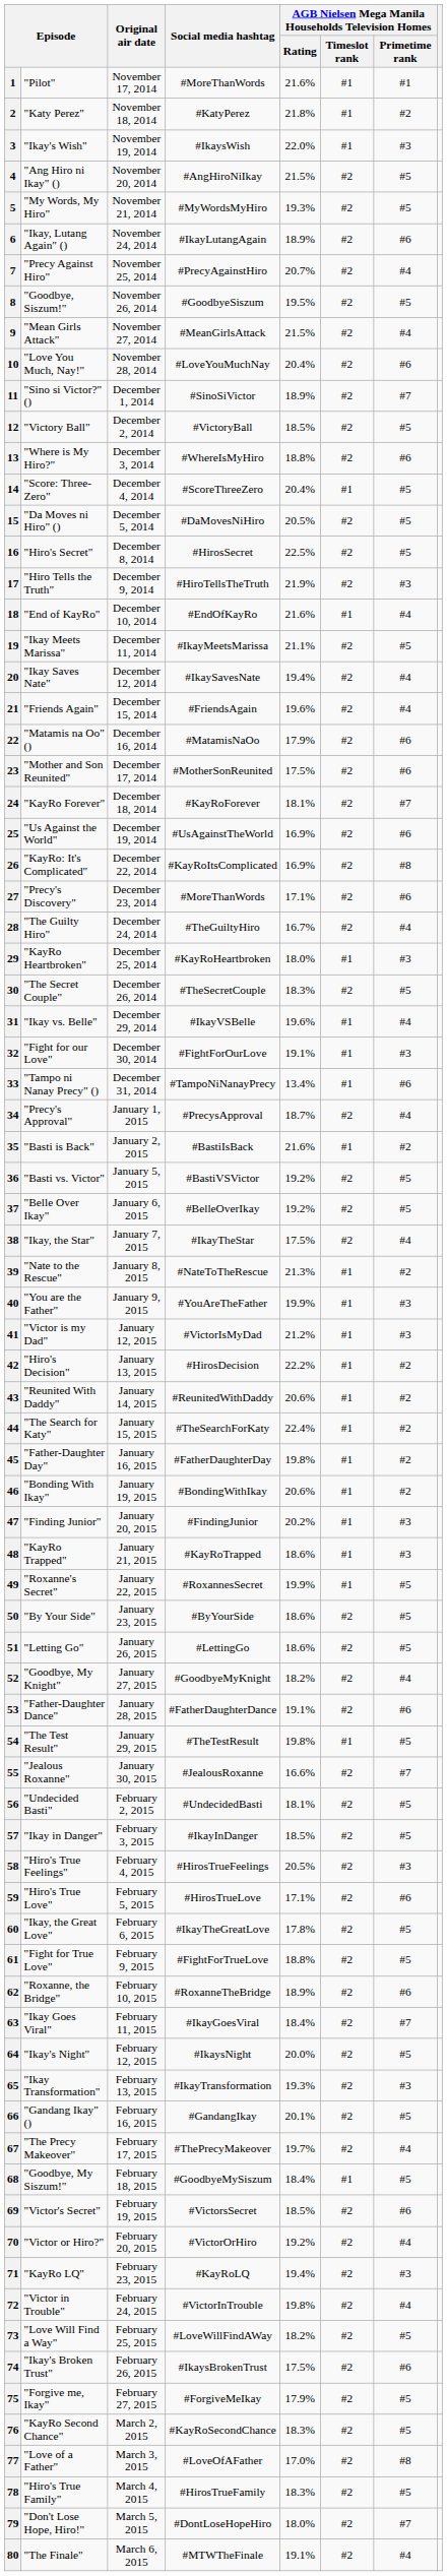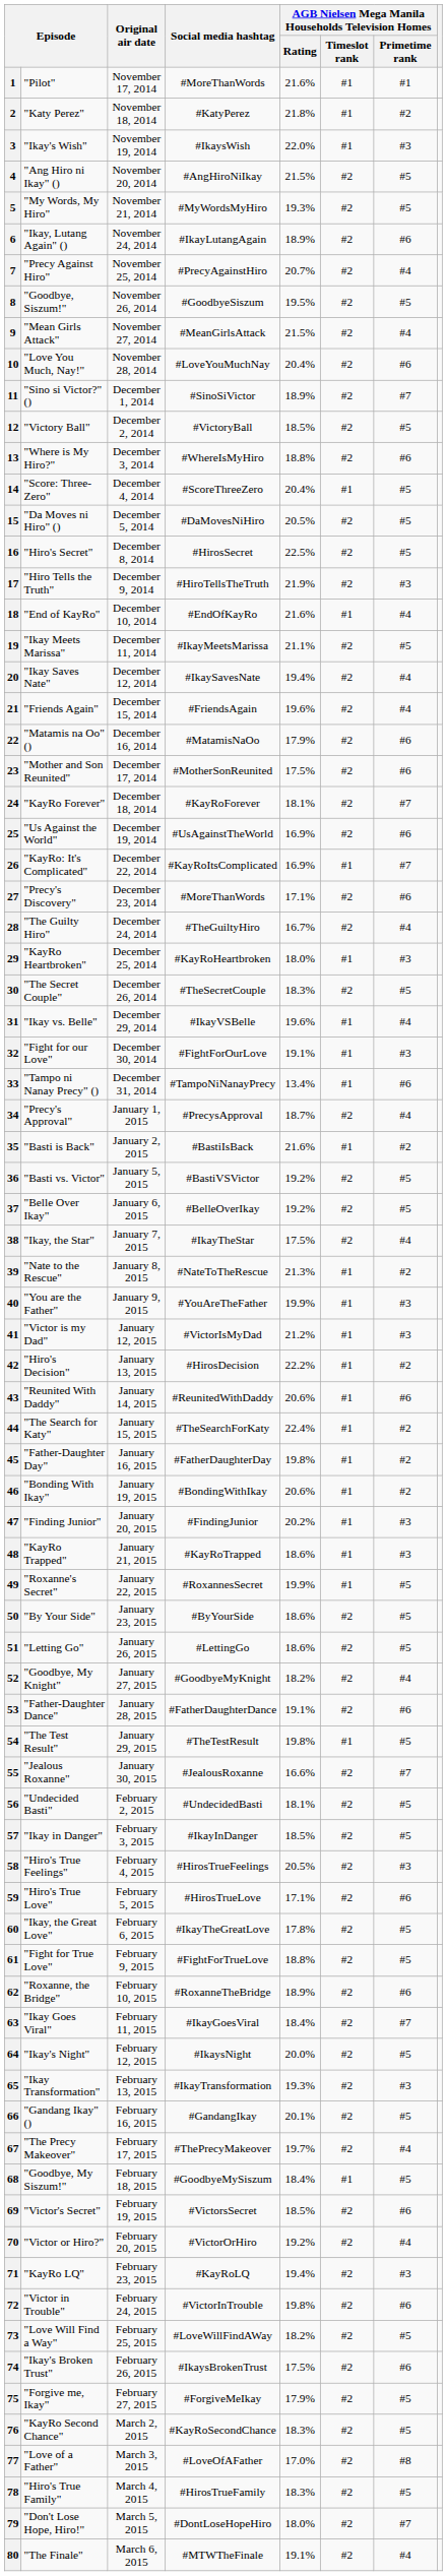 <table class="wikitable" style="text-align:center;">
 <tr>
 <th colspan=2 rowspan=2>Episode</th>
 <th rowspan=2>Original air date</th>
 <th rowspan=2>Social media hashtag</th>
 <th colspan=3><a href='#'>AGB Nielsen</a> Mega Manila Households Television Homes</th>
 <th rowspan=2></th>
 </tr>
 <tr>
 <th>Rating</th>
 <th>Timeslot rank</th>
 <th>Primetime rank</th>
 </tr>
 <tr>
 <th>1</th>
 <td style="text-align: left;">"Pilot"</td>
 <td>November 17, 2014</td>
 <td>#MoreThanWords</td>
 <td>21.6%</td>
 <td>#1</td>
 <td>#1</td>
 <td></td>
 </tr>
 <tr>
 <th>2</th>
 <td style="text-align: left;">"Katy Perez"</td>
 <td>November 18, 2014</td>
 <td>#KatyPerez</td>
 <td>21.8%</td>
 <td>#1</td>
 <td>#2</td>
 <td></td>
 </tr>
 <tr>
 <th>3</th>
 <td style="text-align: left;">"Ikay's Wish"</td>
 <td>November 19, 2014</td>
 <td>#IkaysWish</td>
 <td>22.0%</td>
 <td>#1</td>
 <td>#3</td>
 <td></td>
 </tr>
 <tr>
 <th>4</th>
 <td style="text-align: left;">"Ang Hiro ni Ikay" ()</td>
 <td>November 20, 2014</td>
 <td>#AngHiroNiIkay</td>
 <td>21.5%</td>
 <td>#2</td>
 <td>#5</td>
 <td></td>
 </tr>
 <tr>
 <th>5</th>
 <td style="text-align: left;">"My Words, My Hiro"</td>
 <td>November 21, 2014</td>
 <td>#MyWordsMyHiro</td>
 <td>19.3%</td>
 <td>#2</td>
 <td>#5</td>
 <td></td>
 </tr>
 <tr>
 <th>6</th>
 <td style="text-align: left;">"Ikay, Lutang Again" ()</td>
 <td>November 24, 2014</td>
 <td>#IkayLutangAgain</td>
 <td>18.9%</td>
 <td>#2</td>
 <td>#6</td>
 <td></td>
 </tr>
 <tr>
 <th>7</th>
 <td style="text-align: left;">"Precy Against Hiro"</td>
 <td>November 25, 2014</td>
 <td>#PrecyAgainstHiro</td>
 <td>20.7%</td>
 <td>#2</td>
 <td>#4</td>
 <td></td>
 </tr>
 <tr>
 <th>8</th>
 <td style="text-align: left;">"Goodbye, Siszum!"</td>
 <td>November 26, 2014</td>
 <td>#GoodbyeSiszum</td>
 <td>19.5%</td>
 <td>#2</td>
 <td>#5</td>
 <td></td>
 </tr>
 <tr>
 <th>9</th>
 <td style="text-align: left;">"Mean Girls Attack"</td>
 <td>November 27, 2014</td>
 <td>#MeanGirlsAttack</td>
 <td>21.5%</td>
 <td>#2</td>
 <td>#4</td>
 <td></td>
 </tr>
 <tr>
 <th>10</th>
 <td style="text-align: left;">"Love You Much, Nay!"</td>
 <td>November 28, 2014</td>
 <td>#LoveYouMuchNay</td>
 <td>20.4%</td>
 <td>#2</td>
 <td>#6</td>
 <td></td>
 </tr>
 <tr>
 <th>11</th>
 <td style="text-align: left;">"Sino si Victor?" ()</td>
 <td>December 1, 2014</td>
 <td>#SinoSiVictor</td>
 <td>18.9%</td>
 <td>#2</td>
 <td>#7</td>
 <td></td>
 </tr>
 <tr>
 <th>12</th>
 <td style="text-align: left;">"Victory Ball"</td>
 <td>December 2, 2014</td>
 <td>#VictoryBall</td>
 <td>18.5%</td>
 <td>#2</td>
 <td>#5</td>
 <td></td>
 </tr>
 <tr>
 <th>13</th>
 <td style="text-align: left;">"Where is My Hiro?"</td>
 <td>December 3, 2014</td>
 <td>#WhereIsMyHiro</td>
 <td>18.8%</td>
 <td>#2</td>
 <td>#6</td>
 <td></td>
 </tr>
 <tr>
 <th>14</th>
 <td style="text-align: left;">"Score: Three-Zero"</td>
 <td>December 4, 2014</td>
 <td>#ScoreThreeZero</td>
 <td>20.4%</td>
 <td>#1</td>
 <td>#5</td>
 <td></td>
 </tr>
 <tr>
 <th>15</th>
 <td style="text-align: left;">"Da Moves ni Hiro" ()</td>
 <td>December 5, 2014</td>
 <td>#DaMovesNiHiro</td>
 <td>20.5%</td>
 <td>#2</td>
 <td>#5</td>
 <td></td>
 </tr>
 <tr>
 <th>16</th>
 <td style="text-align: left;">"Hiro's Secret"</td>
 <td>December 8, 2014</td>
 <td>#HirosSecret</td>
 <td>22.5%</td>
 <td>#2</td>
 <td>#5</td>
 <td></td>
 </tr>
 <tr>
 <th>17</th>
 <td style="text-align: left;">"Hiro Tells the Truth"</td>
 <td>December 9, 2014</td>
 <td>#HiroTellsTheTruth</td>
 <td>21.9%</td>
 <td>#2</td>
 <td>#3</td>
 <td></td>
 </tr>
 <tr>
 <th>18</th>
 <td style="text-align: left;">"End of KayRo"</td>
 <td>December 10, 2014</td>
 <td>#EndOfKayRo</td>
 <td>21.6%</td>
 <td>#1</td>
 <td>#4</td>
 <td></td>
 </tr>
 <tr>
 <th>19</th>
 <td style="text-align: left;">"Ikay Meets Marissa"</td>
 <td>December 11, 2014</td>
 <td>#IkayMeetsMarissa</td>
 <td>21.1%</td>
 <td>#2</td>
 <td>#5</td>
 <td></td>
 </tr>
 <tr>
 <th>20</th>
 <td style="text-align: left;">"Ikay Saves Nate"</td>
 <td>December 12, 2014</td>
 <td>#IkaySavesNate</td>
 <td>19.4%</td>
 <td>#2</td>
 <td>#4</td>
 <td></td>
 </tr>
 <tr>
 <th>21</th>
 <td style="text-align: left;">"Friends Again"</td>
 <td>December 15, 2014</td>
 <td>#FriendsAgain</td>
 <td>19.6%</td>
 <td>#2</td>
 <td>#4</td>
 <td></td>
 </tr>
 <tr>
 <th>22</th>
 <td style="text-align: left;">"Matamis na Oo" ()</td>
 <td>December 16, 2014</td>
 <td>#MatamisNaOo</td>
 <td>17.9%</td>
 <td>#2</td>
 <td>#6</td>
 <td></td>
 </tr>
 <tr>
 <th>23</th>
 <td style="text-align: left;">"Mother and Son Reunited"</td>
 <td>December 17, 2014</td>
 <td>#MotherSonReunited</td>
 <td>17.5%</td>
 <td>#2</td>
 <td>#6</td>
 <td></td>
 </tr>
 <tr>
 <th>24</th>
 <td style="text-align: left;">"KayRo Forever"</td>
 <td>December 18, 2014</td>
 <td>#KayRoForever</td>
 <td>18.1%</td>
 <td>#2</td>
 <td>#7</td>
 <td></td>
 </tr>
 <tr>
 <th>25</th>
 <td style="text-align: left;">"Us Against the World"</td>
 <td>December 19, 2014</td>
 <td>#UsAgainstTheWorld</td>
 <td>16.9%</td>
 <td>#2</td>
 <td>#6</td>
 <td></td>
 </tr>
 <tr>
 <th>26</th>
 <td style="text-align: left;">"KayRo: It's Complicated"</td>
 <td>December 22, 2014</td>
 <td>#KayRoItsComplicated</td>
 <td>16.9%</td>
-<td>#2</td>
-<td>#8</td>
+<td>#1</td>
+<td>#7</td>
 <td></td>
 </tr>
 <tr>
 <th>27</th>
 <td style="text-align: left;">"Precy's Discovery"</td>
 <td>December 23, 2014</td>
 <td>#MoreThanWords</td>
 <td>17.1%</td>
 <td>#2</td>
 <td>#6</td>
 <td></td>
 </tr>
 <tr>
 <th>28</th>
 <td style="text-align: left;">"The Guilty Hiro"</td>
 <td>December 24, 2014</td>
 <td>#TheGuiltyHiro</td>
 <td>16.7%</td>
 <td>#2</td>
 <td>#4</td>
 <td></td>
 </tr>
 <tr>
 <th>29</th>
 <td style="text-align: left;">"KayRo Heartbroken"</td>
 <td>December 25, 2014</td>
 <td>#KayRoHeartbroken</td>
 <td>18.0%</td>
 <td>#1</td>
 <td>#3</td>
 <td></td>
 </tr>
 <tr>
 <th>30</th>
 <td style="text-align: left;">"The Secret Couple"</td>
 <td>December 26, 2014</td>
 <td>#TheSecretCouple</td>
 <td>18.3%</td>
 <td>#2</td>
 <td>#5</td>
 <td></td>
 </tr>
 <tr>
 <th>31</th>
 <td style="text-align: left;">"Ikay vs. Belle"</td>
 <td>December 29, 2014</td>
 <td>#IkayVSBelle</td>
 <td>19.6%</td>
 <td>#1</td>
 <td>#4</td>
 <td></td>
 </tr>
 <tr>
 <th>32</th>
 <td style="text-align: left;">"Fight for our Love"</td>
 <td>December 30, 2014</td>
 <td>#FightForOurLove</td>
 <td>19.1%</td>
 <td>#1</td>
 <td>#3</td>
 <td></td>
 </tr>
 <tr>
 <th>33</th>
 <td style="text-align: left;">"Tampo ni Nanay Precy" ()</td>
 <td>December 31, 2014</td>
 <td>#TampoNiNanayPrecy</td>
 <td>13.4%</td>
 <td>#1</td>
 <td>#6</td>
 <td></td>
 </tr>
 <tr>
 <th>34</th>
 <td style="text-align: left;">"Precy's Approval"</td>
 <td>January 1, 2015</td>
 <td>#PrecysApproval</td>
 <td>18.7%</td>
 <td>#2</td>
 <td>#4</td>
 <td></td>
 </tr>
 <tr>
 <th>35</th>
 <td style="text-align: left;">"Basti is Back"</td>
 <td>January 2, 2015</td>
 <td>#BastiIsBack</td>
 <td>21.6%</td>
 <td>#1</td>
 <td>#2</td>
 <td></td>
 </tr>
 <tr>
 <th>36</th>
 <td style="text-align: left;">"Basti vs. Victor"</td>
 <td>January 5, 2015</td>
 <td>#BastiVSVictor</td>
 <td>19.2%</td>
 <td>#2</td>
 <td>#5</td>
 <td></td>
 </tr>
 <tr>
 <th>37</th>
 <td style="text-align: left;">"Belle Over Ikay"</td>
 <td>January 6, 2015</td>
 <td>#BelleOverIkay</td>
 <td>19.2%</td>
 <td>#2</td>
 <td>#5</td>
 <td></td>
 </tr>
 <tr>
 <th>38</th>
 <td style="text-align: left;">"Ikay, the Star"</td>
 <td>January 7, 2015</td>
 <td>#IkayTheStar</td>
 <td>17.5%</td>
 <td>#2</td>
 <td>#4</td>
 <td></td>
 </tr>
 <tr>
 <th>39</th>
 <td style="text-align: left;">"Nate to the Rescue"</td>
 <td>January 8, 2015</td>
 <td>#NateToTheRescue</td>
 <td>21.3%</td>
 <td>#1</td>
 <td>#2</td>
 <td></td>
 </tr>
 <tr>
 <th>40</th>
 <td style="text-align: left;">"You are the Father"</td>
 <td>January 9, 2015</td>
 <td>#YouAreTheFather</td>
 <td>19.9%</td>
 <td>#1</td>
 <td>#3</td>
 <td></td>
 </tr>
 <tr>
 <th>41</th>
 <td style="text-align: left;">"Victor is my Dad"</td>
 <td>January 12, 2015</td>
 <td>#VictorIsMyDad</td>
 <td>21.2%</td>
 <td>#1</td>
 <td>#3</td>
 <td></td>
 </tr>
 <tr>
 <th>42</th>
 <td style="text-align: left;">"Hiro's Decision"</td>
 <td>January 13, 2015</td>
 <td>#HirosDecision</td>
 <td>22.2%</td>
 <td>#1</td>
 <td>#2</td>
 <td></td>
 </tr>
 <tr>
 <th>43</th>
 <td style="text-align: left;">"Reunited With Daddy"</td>
 <td>January 14, 2015</td>
 <td>#ReunitedWithDaddy</td>
 <td>20.6%</td>
 <td>#1</td>
-<td>#2</td>
+<td>#6</td>
 <td></td>
 </tr>
 <tr>
 <th>44</th>
 <td style="text-align: left;">"The Search for Katy"</td>
 <td>January 15, 2015</td>
 <td>#TheSearchForKaty</td>
 <td>22.4%</td>
 <td>#1</td>
 <td>#2</td>
 <td></td>
 </tr>
 <tr>
 <th>45</th>
 <td style="text-align: left;">"Father-Daughter Day"</td>
 <td>January 16, 2015</td>
 <td>#FatherDaughterDay</td>
 <td>19.8%</td>
 <td>#1</td>
 <td>#2</td>
 <td></td>
 </tr>
 <tr>
 <th>46</th>
 <td style="text-align: left;">"Bonding With Ikay"</td>
 <td>January 19, 2015</td>
 <td>#BondingWithIkay</td>
 <td>20.6%</td>
 <td>#1</td>
 <td>#2</td>
 <td></td>
 </tr>
 <tr>
 <th>47</th>
 <td style="text-align: left;">"Finding Junior"</td>
 <td>January 20, 2015</td>
 <td>#FindingJunior</td>
 <td>20.2%</td>
 <td>#1</td>
 <td>#3</td>
 <td></td>
 </tr>
 <tr>
 <th>48</th>
 <td style="text-align: left;">"KayRo Trapped"</td>
 <td>January 21, 2015</td>
 <td>#KayRoTrapped</td>
 <td>18.6%</td>
 <td>#1</td>
 <td>#3</td>
 <td></td>
 </tr>
 <tr>
 <th>49</th>
 <td style="text-align: left;">"Roxanne's Secret"</td>
 <td>January 22, 2015</td>
 <td>#RoxannesSecret</td>
 <td>19.9%</td>
 <td>#1</td>
 <td>#5</td>
 <td></td>
 </tr>
 <tr>
 <th>50</th>
 <td style="text-align: left;">"By Your Side"</td>
 <td>January 23, 2015</td>
 <td>#ByYourSide</td>
 <td>18.6%</td>
 <td>#2</td>
 <td>#5</td>
 <td></td>
 </tr>
 <tr>
 <th>51</th>
 <td style="text-align: left;">"Letting Go"</td>
 <td>January 26, 2015</td>
 <td>#LettingGo</td>
 <td>18.6%</td>
 <td>#2</td>
 <td>#5</td>
 <td></td>
 </tr>
 <tr>
 <th>52</th>
 <td style="text-align: left;">"Goodbye, My Knight"</td>
 <td>January 27, 2015</td>
 <td>#GoodbyeMyKnight</td>
 <td>18.2%</td>
 <td>#2</td>
 <td>#4</td>
 <td></td>
 </tr>
 <tr>
 <th>53</th>
 <td style="text-align: left;">"Father-Daughter Dance"</td>
 <td>January 28, 2015</td>
 <td>#FatherDaughterDance</td>
 <td>19.1%</td>
 <td>#2</td>
 <td>#6</td>
 <td></td>
 </tr>
 <tr>
 <th>54</th>
 <td style="text-align: left;">"The Test Result"</td>
 <td>January 29, 2015</td>
 <td>#TheTestResult</td>
 <td>19.8%</td>
 <td>#1</td>
 <td>#5</td>
 <td></td>
 </tr>
 <tr>
 <th>55</th>
 <td style="text-align: left;">"Jealous Roxanne"</td>
 <td>January 30, 2015</td>
 <td>#JealousRoxanne</td>
 <td>16.6%</td>
 <td>#2</td>
 <td>#7</td>
 <td></td>
 </tr>
 <tr>
 <th>56</th>
 <td style="text-align: left;">"Undecided Basti"</td>
 <td>February 2, 2015</td>
 <td>#UndecidedBasti</td>
 <td>18.1%</td>
 <td>#2</td>
 <td>#5</td>
 <td></td>
 </tr>
 <tr>
 <th>57</th>
 <td style="text-align: left;">"Ikay in Danger"</td>
 <td>February 3, 2015</td>
 <td>#IkayInDanger</td>
 <td>18.5%</td>
 <td>#2</td>
 <td>#5</td>
 <td></td>
 </tr>
 <tr>
 <th>58</th>
 <td style="text-align: left;">"Hiro's True Feelings"</td>
 <td>February 4, 2015</td>
 <td>#HirosTrueFeelings</td>
 <td>20.5%</td>
 <td>#2</td>
 <td>#3</td>
 <td></td>
 </tr>
 <tr>
 <th>59</th>
 <td style="text-align: left;">"Hiro's True Love"</td>
 <td>February 5, 2015</td>
 <td>#HirosTrueLove</td>
 <td>17.1%</td>
 <td>#2</td>
 <td>#6</td>
 <td></td>
 </tr>
 <tr>
 <th>60</th>
 <td style="text-align: left;">"Ikay, the Great Love"</td>
 <td>February 6, 2015</td>
 <td>#IkayTheGreatLove</td>
 <td>17.8%</td>
 <td>#2</td>
 <td>#5</td>
 <td></td>
 </tr>
 <tr>
 <th>61</th>
 <td style="text-align: left;">"Fight for True Love"</td>
 <td>February 9, 2015</td>
 <td>#FightForTrueLove</td>
 <td>18.8%</td>
 <td>#2</td>
 <td>#5</td>
 <td></td>
 </tr>
 <tr>
 <th>62</th>
 <td style="text-align: left;">"Roxanne, the Bridge"</td>
 <td>February 10, 2015</td>
 <td>#RoxanneTheBridge</td>
 <td>18.9%</td>
 <td>#2</td>
 <td>#6</td>
 <td></td>
 </tr>
 <tr>
 <th>63</th>
 <td style="text-align: left;">"Ikay Goes Viral"</td>
 <td>February 11, 2015</td>
 <td>#IkayGoesViral</td>
 <td>18.4%</td>
 <td>#2</td>
 <td>#7</td>
 <td></td>
 </tr>
 <tr>
 <th>64</th>
 <td style="text-align: left;">"Ikay's Night"</td>
 <td>February 12, 2015</td>
 <td>#IkaysNight</td>
 <td>20.0%</td>
 <td>#2</td>
 <td>#5</td>
 <td></td>
 </tr>
 <tr>
 <th>65</th>
 <td style="text-align: left;">"Ikay Transformation"</td>
 <td>February 13, 2015</td>
 <td>#IkayTransformation</td>
 <td>19.3%</td>
 <td>#2</td>
 <td>#3</td>
 <td></td>
 </tr>
 <tr>
 <th>66</th>
 <td style="text-align: left;">"Gandang Ikay" ()</td>
 <td>February 16, 2015</td>
 <td>#GandangIkay</td>
 <td>20.1%</td>
 <td>#2</td>
 <td>#5</td>
 <td></td>
 </tr>
 <tr>
 <th>67</th>
 <td style="text-align: left;">"The Precy Makeover"</td>
 <td>February 17, 2015</td>
 <td>#ThePrecyMakeover</td>
 <td>19.7%</td>
 <td>#2</td>
 <td>#4</td>
 <td></td>
 </tr>
 <tr>
 <th>68</th>
 <td style="text-align: left;">"Goodbye, My Siszum!"</td>
 <td>February 18, 2015</td>
 <td>#GoodbyeMySiszum</td>
 <td>18.4%</td>
 <td>#1</td>
 <td>#5</td>
 <td></td>
 </tr>
 <tr>
 <th>69</th>
 <td style="text-align: left;">"Victor's Secret"</td>
 <td>February 19, 2015</td>
 <td>#VictorsSecret</td>
 <td>18.5%</td>
 <td>#2</td>
 <td>#6</td>
 <td></td>
 </tr>
 <tr>
 <th>70</th>
 <td style="text-align: left;">"Victor or Hiro?"</td>
 <td>February 20, 2015</td>
 <td>#VictorOrHiro</td>
 <td>19.2%</td>
 <td>#2</td>
 <td>#4</td>
 <td></td>
 </tr>
 <tr>
 <th>71</th>
 <td style="text-align: left;">"KayRo LQ"</td>
 <td>February 23, 2015</td>
 <td>#KayRoLQ</td>
 <td>19.4%</td>
 <td>#2</td>
 <td>#3</td>
 <td></td>
 </tr>
 <tr>
 <th>72</th>
 <td style="text-align: left;">"Victor in Trouble"</td>
 <td>February 24, 2015</td>
 <td>#VictorInTrouble</td>
 <td>19.8%</td>
 <td>#2</td>
-<td>#4</td>
+<td>#6</td>
 <td></td>
 </tr>
 <tr>
 <th>73</th>
 <td style="text-align: left;">"Love Will Find a Way"</td>
 <td>February 25, 2015</td>
 <td>#LoveWillFindAWay</td>
 <td>18.2%</td>
 <td>#2</td>
 <td>#5</td>
 <td></td>
 </tr>
 <tr>
 <th>74</th>
 <td style="text-align: left;">"Ikay's Broken Trust"</td>
 <td>February 26, 2015</td>
 <td>#IkaysBrokenTrust</td>
 <td>17.5%</td>
 <td>#2</td>
 <td>#6</td>
 <td></td>
 </tr>
 <tr>
 <th>75</th>
 <td style="text-align: left;">"Forgive me, Ikay"</td>
 <td>February 27, 2015</td>
 <td>#ForgiveMeIkay</td>
 <td>17.9%</td>
 <td>#2</td>
 <td>#5</td>
 <td></td>
 </tr>
 <tr>
 <th>76</th>
 <td style="text-align: left;">"KayRo Second Chance"</td>
 <td>March 2, 2015</td>
 <td>#KayRoSecondChance</td>
 <td>18.3%</td>
 <td>#2</td>
 <td>#5</td>
 <td></td>
 </tr>
 <tr>
 <th>77</th>
 <td style="text-align: left;">"Love of a Father"</td>
 <td>March 3, 2015</td>
 <td>#LoveOfAFather</td>
 <td>17.0%</td>
 <td>#2</td>
 <td>#8</td>
 <td></td>
 </tr>
 <tr>
 <th>78</th>
 <td style="text-align: left;">"Hiro's True Family"</td>
 <td>March 4, 2015</td>
 <td>#HirosTrueFamily</td>
 <td>18.3%</td>
 <td>#2</td>
 <td>#5</td>
 <td></td>
 </tr>
 <tr>
 <th>79</th>
 <td style="text-align: left;">"Don't Lose Hope, Hiro!"</td>
 <td>March 5, 2015</td>
 <td>#DontLoseHopeHiro</td>
 <td>18.0%</td>
 <td>#2</td>
 <td>#7</td>
 <td></td>
 </tr>
 <tr>
 <th>80</th>
 <td style="text-align: left;">"The Finale"</td>
 <td>March 6, 2015</td>
 <td>#MTWTheFinale</td>
 <td>19.1%</td>
 <td>#2</td>
 <td>#4</td>
 <td></td>
 </tr>
 </table>
